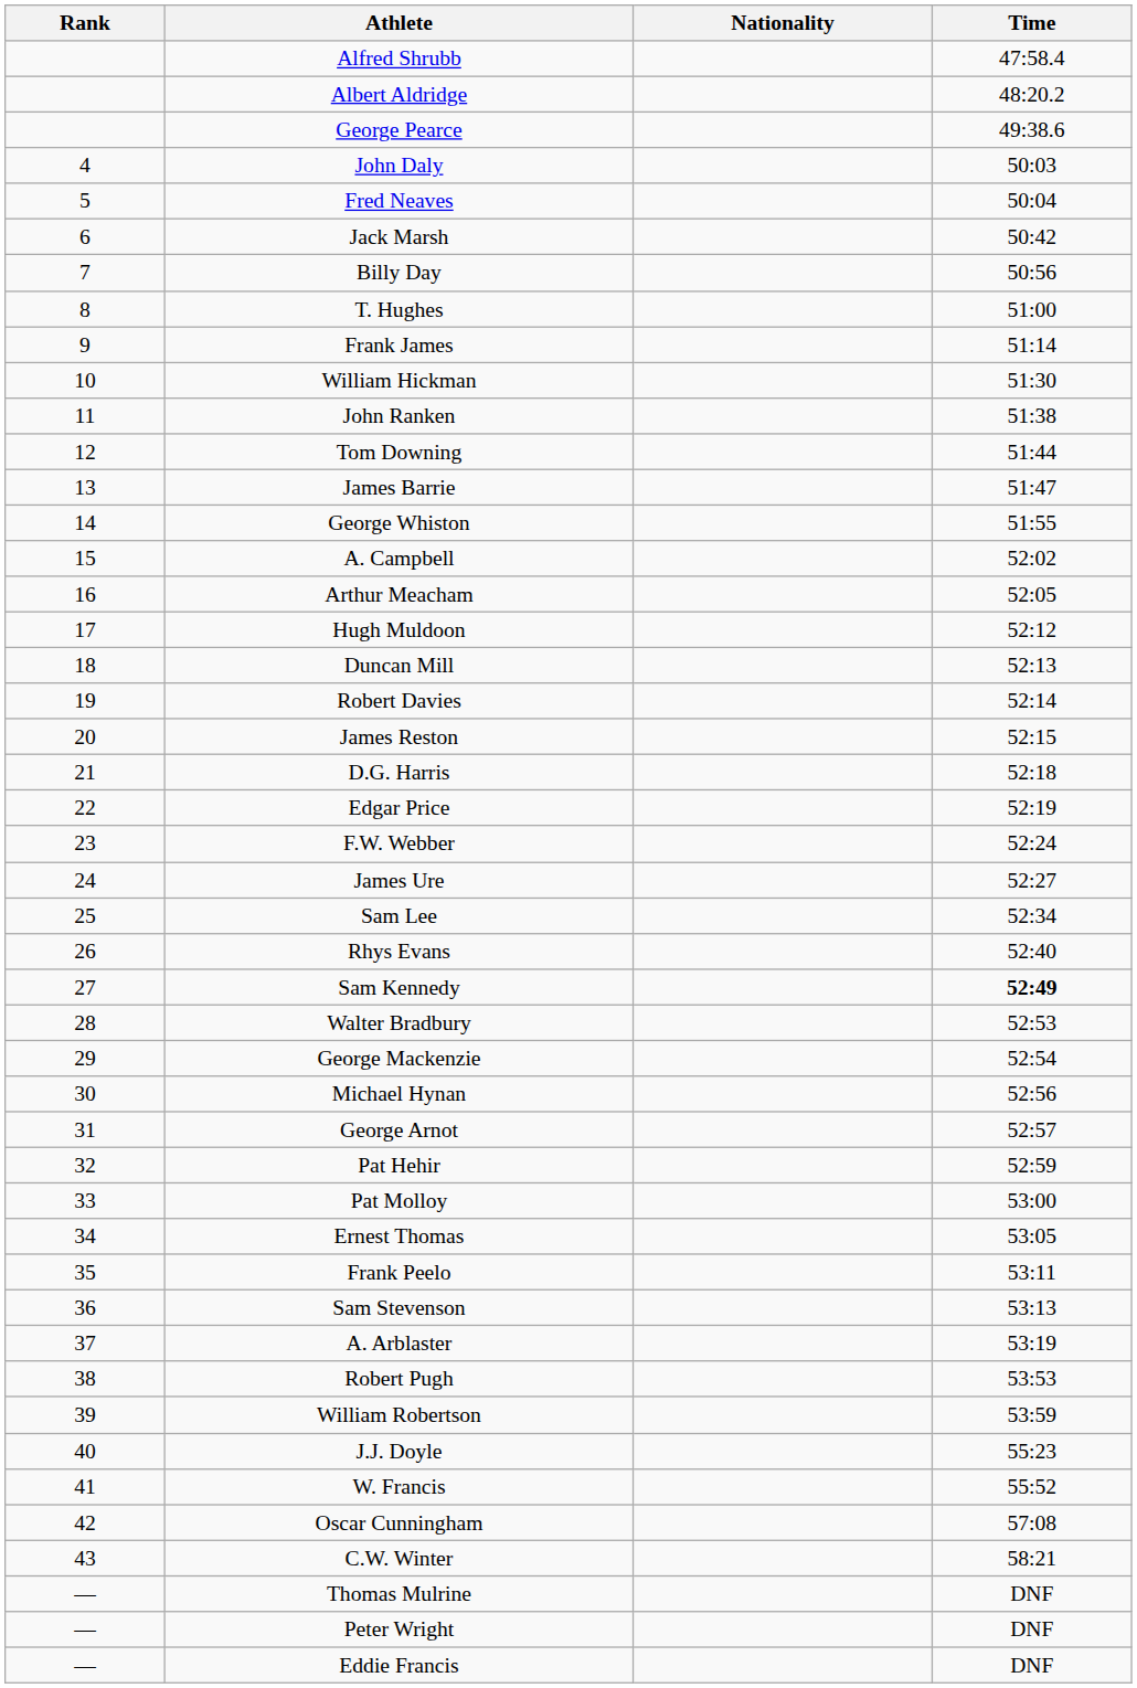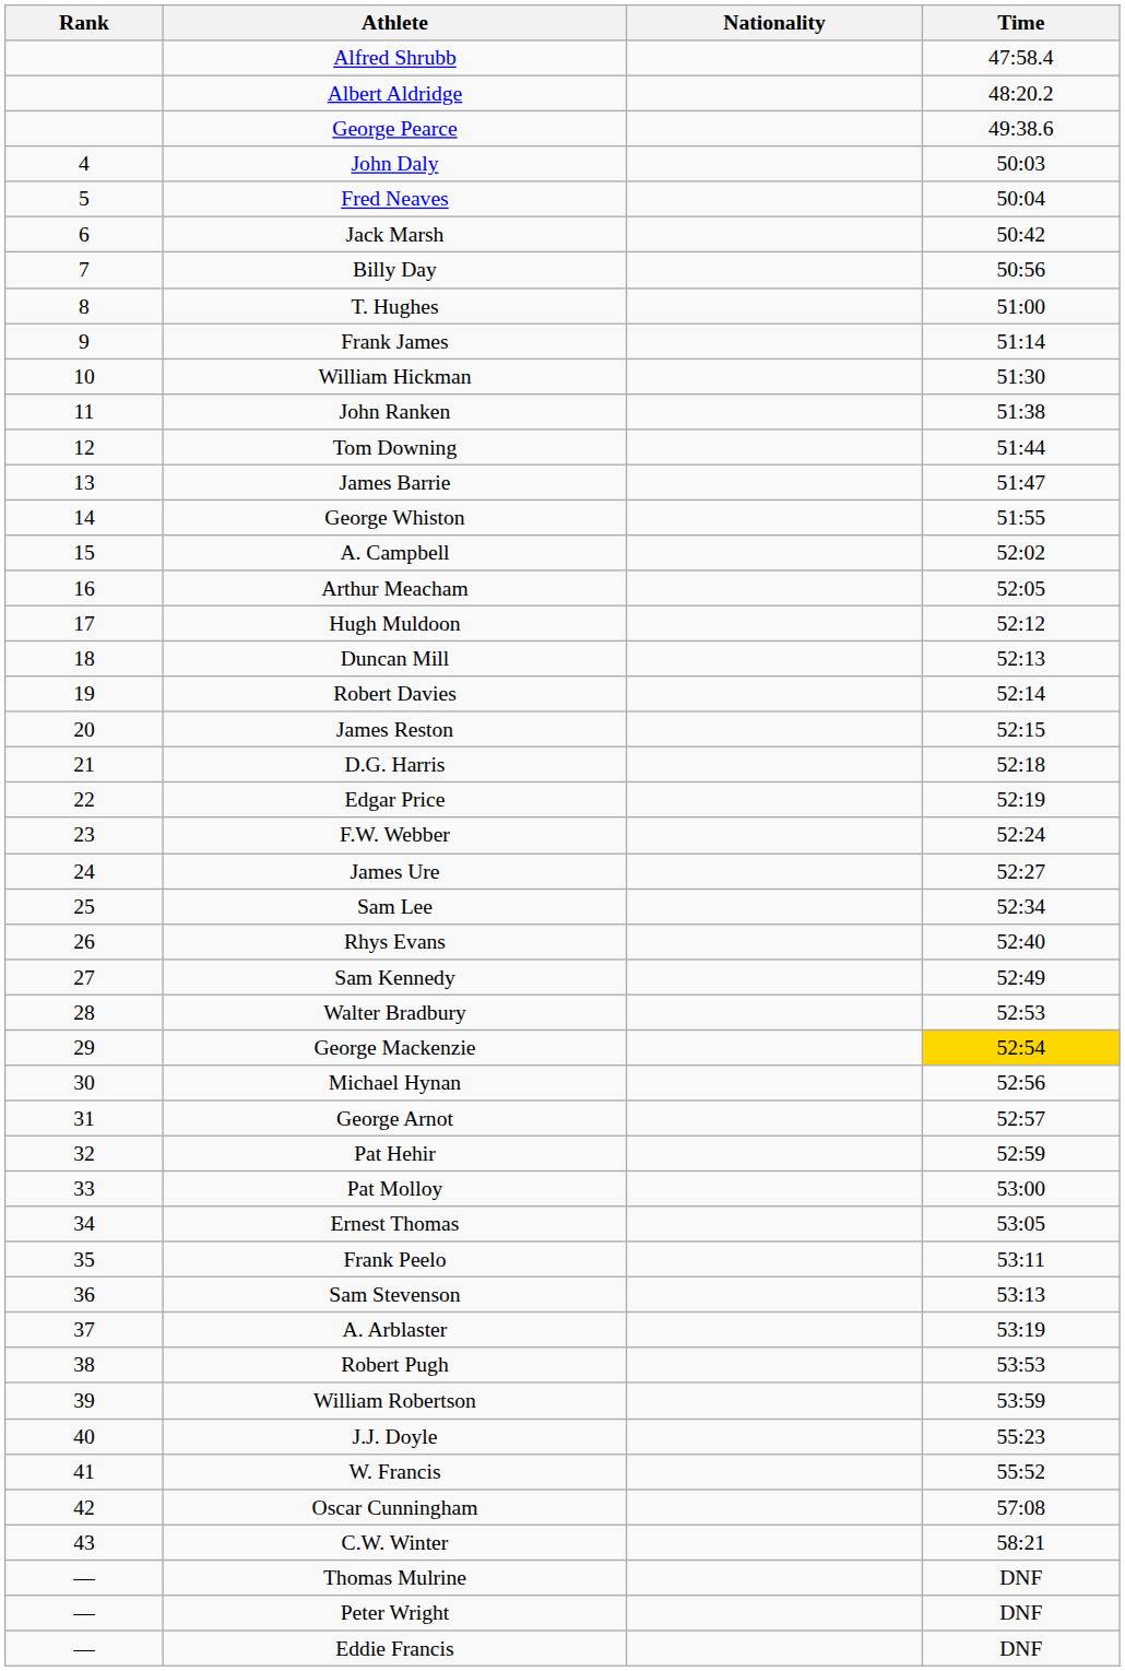 <table class="wikitable sortable" style=" text-align:center; font-size:95%;" width="50%">
 <tr>
 <th>Rank</th>
 <th>Athlete</th>
 <th>Nationality</th>
 <th>Time</th>
 </tr>
 <tr>
 <td align=center></td>
 <td><a href='#'>Alfred Shrubb</a></td>
 <td></td>
 <td>47:58.4</td>
 </tr>
 <tr>
 <td align=center></td>
 <td><a href='#'>Albert Aldridge</a></td>
 <td></td>
 <td>48:20.2</td>
 </tr>
 <tr>
 <td align=center></td>
 <td><a href='#'>George Pearce</a></td>
 <td></td>
 <td>49:38.6</td>
 </tr>
 <tr>
 <td align=center>4</td>
 <td><a href='#'>John Daly</a></td>
 <td></td>
 <td>50:03</td>
 </tr>
 <tr>
 <td align=center>5</td>
 <td><a href='#'>Fred Neaves</a></td>
 <td></td>
 <td>50:04</td>
 </tr>
 <tr>
 <td align=center>6</td>
 <td>Jack Marsh</td>
 <td></td>
 <td>50:42</td>
 </tr>
 <tr>
 <td align=center>7</td>
 <td>Billy Day</td>
 <td></td>
 <td>50:56</td>
 </tr>
 <tr>
 <td align=center>8</td>
 <td>T. Hughes</td>
 <td></td>
 <td>51:00</td>
 </tr>
 <tr>
 <td align=center>9</td>
 <td>Frank James</td>
 <td></td>
 <td>51:14</td>
 </tr>
 <tr>
 <td align=center>10</td>
 <td>William Hickman</td>
 <td></td>
 <td>51:30</td>
 </tr>
 <tr>
 <td align=center>11</td>
 <td>John Ranken</td>
 <td></td>
 <td>51:38</td>
 </tr>
 <tr>
 <td align=center>12</td>
 <td>Tom Downing</td>
 <td></td>
 <td>51:44</td>
 </tr>
 <tr>
 <td align=center>13</td>
 <td>James Barrie</td>
 <td></td>
 <td>51:47</td>
 </tr>
 <tr>
 <td align=center>14</td>
 <td>George Whiston</td>
 <td></td>
 <td>51:55</td>
 </tr>
 <tr>
 <td align=center>15</td>
 <td>A. Campbell</td>
 <td></td>
 <td>52:02</td>
 </tr>
 <tr>
 <td align=center>16</td>
 <td>Arthur Meacham</td>
 <td></td>
 <td>52:05</td>
 </tr>
 <tr>
 <td align=center>17</td>
 <td>Hugh Muldoon</td>
 <td></td>
 <td>52:12</td>
 </tr>
 <tr>
 <td align=center>18</td>
 <td>Duncan Mill</td>
 <td></td>
 <td>52:13</td>
 </tr>
 <tr>
 <td align=center>19</td>
 <td>Robert Davies</td>
 <td></td>
 <td>52:14</td>
 </tr>
 <tr>
 <td align=center>20</td>
 <td>James Reston</td>
 <td></td>
 <td>52:15</td>
 </tr>
 <tr>
 <td align=center>21</td>
 <td>D.G. Harris</td>
 <td></td>
 <td>52:18</td>
 </tr>
 <tr>
 <td align=center>22</td>
 <td>Edgar Price</td>
 <td></td>
 <td>52:19</td>
 </tr>
 <tr>
 <td align=center>23</td>
 <td>F.W. Webber</td>
 <td></td>
 <td>52:24</td>
 </tr>
 <tr>
 <td align=center>24</td>
 <td>James Ure</td>
 <td></td>
 <td>52:27</td>
 </tr>
 <tr>
 <td align=center>25</td>
 <td>Sam Lee</td>
 <td></td>
 <td>52:34</td>
 </tr>
 <tr>
 <td align=center>26</td>
 <td>Rhys Evans</td>
 <td></td>
 <td>52:40</td>
 </tr>
 <tr>
 <td align=center>27</td>
 <td>Sam Kennedy</td>
 <td></td>
-<td><strong>52:49</strong></td>
+<td>52:49</td>
 </tr>
 <tr>
 <td align=center>28</td>
 <td>Walter Bradbury</td>
 <td></td>
 <td>52:53</td>
 </tr>
 <tr>
 <td align=center>29</td>
 <td>George Mackenzie</td>
 <td></td>
-<td>52:54</td>
+<td style="background: gold;">52:54</td>
 </tr>
 <tr>
 <td align=center>30</td>
 <td>Michael Hynan</td>
 <td></td>
 <td>52:56</td>
 </tr>
 <tr>
 <td align=center>31</td>
 <td>George Arnot</td>
 <td></td>
 <td>52:57</td>
 </tr>
 <tr>
 <td align=center>32</td>
 <td>Pat Hehir</td>
 <td></td>
 <td>52:59</td>
 </tr>
 <tr>
 <td align=center>33</td>
 <td>Pat Molloy</td>
 <td></td>
 <td>53:00</td>
 </tr>
 <tr>
 <td align=center>34</td>
 <td>Ernest Thomas</td>
 <td></td>
 <td>53:05</td>
 </tr>
 <tr>
 <td align=center>35</td>
 <td>Frank Peelo</td>
 <td></td>
 <td>53:11</td>
 </tr>
 <tr>
 <td align=center>36</td>
 <td>Sam Stevenson</td>
 <td></td>
 <td>53:13</td>
 </tr>
 <tr>
 <td align=center>37</td>
 <td>A. Arblaster</td>
 <td></td>
 <td>53:19</td>
 </tr>
 <tr>
 <td align=center>38</td>
 <td>Robert Pugh</td>
 <td></td>
 <td>53:53</td>
 </tr>
 <tr>
 <td align=center>39</td>
 <td>William Robertson</td>
 <td></td>
 <td>53:59</td>
 </tr>
 <tr>
 <td align=center>40</td>
 <td>J.J. Doyle</td>
 <td></td>
 <td>55:23</td>
 </tr>
 <tr>
 <td align=center>41</td>
 <td>W. Francis</td>
 <td></td>
 <td>55:52</td>
 </tr>
 <tr>
 <td align=center>42</td>
 <td>Oscar Cunningham</td>
 <td></td>
 <td>57:08</td>
 </tr>
 <tr>
 <td align=center>43</td>
 <td>C.W. Winter</td>
 <td></td>
 <td>58:21</td>
 </tr>
 <tr>
 <td align=center>—</td>
 <td>Thomas Mulrine</td>
 <td></td>
 <td>DNF</td>
 </tr>
 <tr>
 <td align=center>—</td>
 <td>Peter Wright</td>
 <td></td>
 <td>DNF</td>
 </tr>
 <tr>
 <td align=center>—</td>
 <td>Eddie Francis</td>
 <td></td>
 <td>DNF</td>
 </tr>
 </table>
